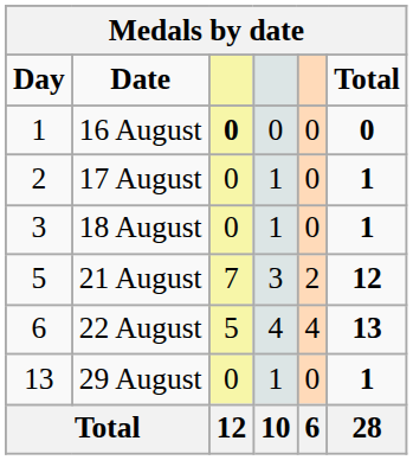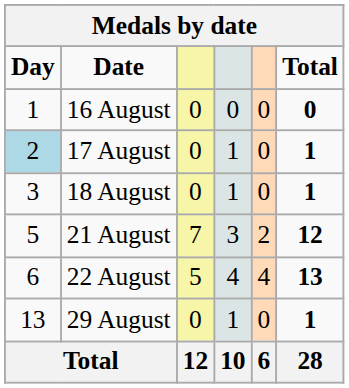 <table class="wikitable" style="font-size:85%; text-align:center;">
 <tr style="background:#efefef;">
 <th colspan=6><strong>Medals by date</strong></th>
 </tr>
 <tr>
 <td><strong>Day</strong></td>
 <td><strong>Date</strong></td>
 <td style="background:#F7F6A8;"></td>
 <td style="background:#DCE5E5;"></td>
 <td style="background:#FFDAB9;"></td>
 <td><strong>Total</strong></td>
 </tr>
 <tr>
 <td>1</td>
 <td>16 August</td>
-<td style="background:#F7F6A8;"><strong>0</strong></td>
+<td style="background:#F7F6A8;">0</td>
 <td style="background:#DCE5E5;">0</td>
 <td style="background:#FFDAB9;">0</td>
 <td><strong>0</strong></td>
 </tr>
 <tr>
-<td>2</td>
+<td style="background: lightblue;">2</td>
 <td>17 August</td>
 <td style="background:#F7F6A8;">0</td>
 <td style="background:#DCE5E5;">1</td>
 <td style="background:#FFDAB9;">0</td>
 <td><strong>1</strong></td>
 </tr>
 <tr>
 <td>3</td>
 <td>18 August</td>
 <td style="background:#F7F6A8;">0</td>
 <td style="background:#DCE5E5;">1</td>
 <td style="background:#FFDAB9;">0</td>
 <td><strong>1</strong></td>
 </tr>
 <tr>
 <td>5</td>
 <td>21 August</td>
 <td style="background:#F7F6A8;">7</td>
 <td style="background:#DCE5E5;">3</td>
 <td style="background:#FFDAB9;">2</td>
 <td><strong>12</strong></td>
 </tr>
 <tr>
 <td>6</td>
 <td>22 August</td>
 <td style="background:#F7F6A8;">5</td>
 <td style="background:#DCE5E5;">4</td>
 <td style="background:#FFDAB9;">4</td>
 <td><strong>13</strong></td>
 </tr>
 <tr>
 <td>13</td>
 <td>29 August</td>
 <td style="background:#F7F6A8;">0</td>
 <td style="background:#DCE5E5;">1</td>
 <td style="background:#FFDAB9;">0</td>
 <td><strong>1</strong></td>
 </tr>
 <tr>
 <th colspan="2">Total</th>
 <th>12</th>
 <th>10</th>
 <th>6</th>
 <th>28</th>
 </tr>
 </table>
